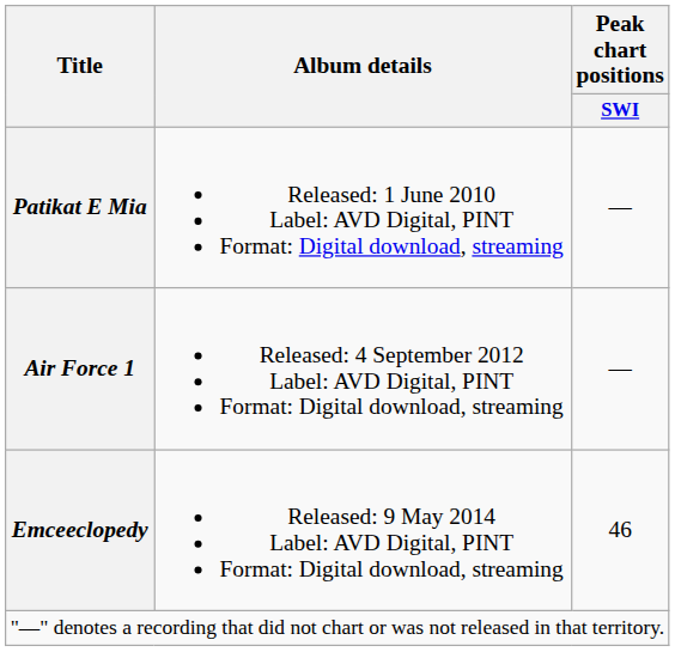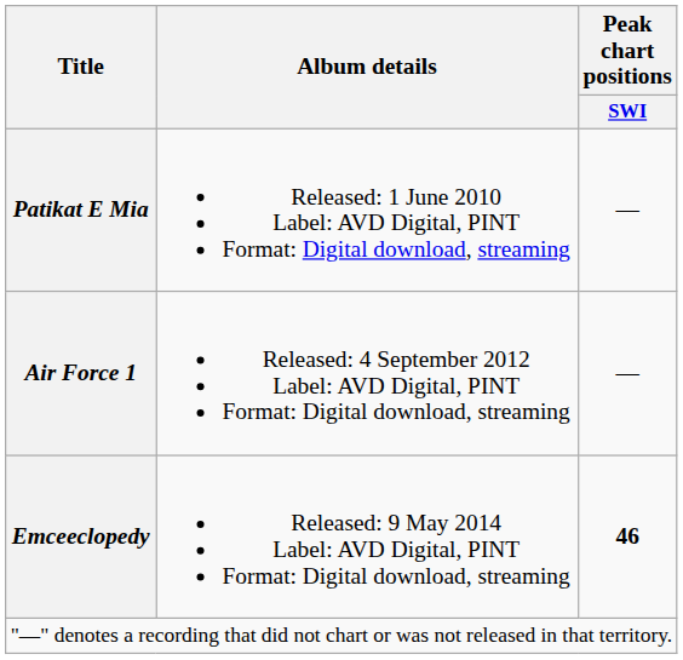 <table class="wikitable plainrowheaders" style="text-align:center;">
 <tr>
 <th scope="col" rowspan="2">Title</th>
 <th scope="col" rowspan="2">Album details</th>
 <th scope="col" colspan="1">Peak chart positions</th>
 </tr>
 <tr>
 <th style="width:2.5em; font-size:85%"><a href='#'>SWI</a><br></th>
 </tr>
 <tr>
 <th scope="row"><em>Patikat E Mia</em></th>
 <td><br><ul><li>Released: 1 June 2010</li><li>Label: AVD Digital, PINT</li><li>Format: <a href='#'>Digital download</a>, <a href='#'>streaming</a></li></ul></td>
 <td>—</td>
 </tr>
 <tr>
 <th scope="row"><em>Air Force 1</em></th>
 <td><br><ul><li>Released: 4 September 2012</li><li>Label: AVD Digital, PINT</li><li>Format: Digital download, streaming</li></ul></td>
 <td>—</td>
 </tr>
 <tr>
 <th scope="row"><em>Emceeclopedy</em></th>
 <td><br><ul><li>Released: 9 May 2014</li><li>Label: AVD Digital, PINT</li><li>Format: Digital download, streaming</li></ul></td>
-<td>46</td>
+<td><strong>46</strong></td>
 </tr>
 <tr>
 <td colspan="11" style="font-size:90%">"—" denotes a recording that did not chart or was not released in that territory.</td>
 </tr>
 </table>
